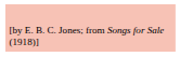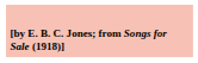 <table class="toccolours" style="float: right; margin-left: 1em; margin-right: 2em; font-size: 90%; background:#f7c2b5; color:black; width:30em; max-width: 40%;" cellspacing="5">
 <tr>
 <td style="text-align: left;"><br></td>
 </tr>
 <tr>
-<td style="text-align: left;">[by E. B. C. Jones; from <em>Songs for Sale</em> (1918)]</td>
+<td style="text-align: left;"><strong>[by E. B. C. Jones; from <em>Songs for Sale</em> (1918)]</strong></td>
 </tr>
 </table>
